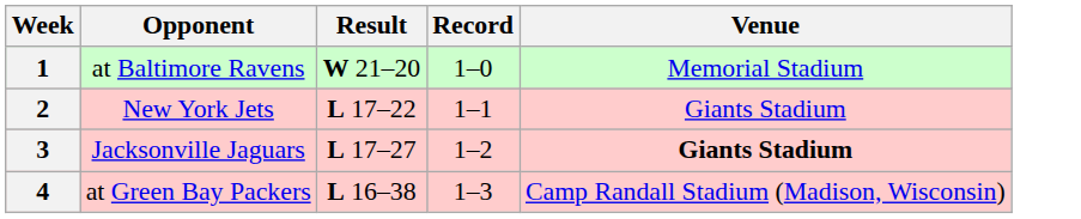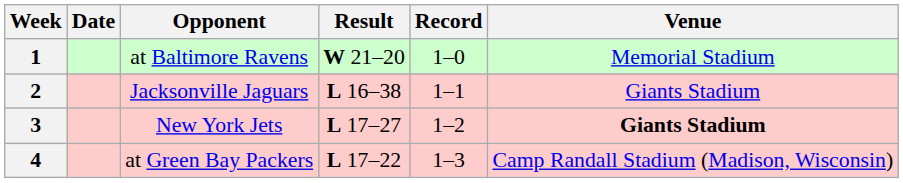 <table class="wikitable" style="text-align:center">
 <tr>
 <th>Week</th>
+<th>Date</th>
 <th>Opponent</th>
 <th>Result</th>
 <th>Record</th>
 <th>Venue</th>
 </tr>
 <tr style="background:#cfc">
 <th>1</th>
+<td></td>
 <td>at <a href='#'>Baltimore Ravens</a></td>
 <td><strong>W</strong> 21–20</td>
 <td>1–0</td>
 <td><a href='#'>Memorial Stadium</a></td>
 </tr>
 <tr style="background:#fcc">
 <th>2</th>
-<td><a href='#'>New York Jets</a></td>
-<td><strong>L</strong> 17–22</td>
+<td></td>
+<td><a href='#'>Jacksonville Jaguars</a></td>
+<td><strong>L</strong> 16–38</td>
 <td>1–1</td>
 <td><a href='#'>Giants Stadium</a></td>
 </tr>
 <tr style="background:#fcc">
 <th>3</th>
-<td><a href='#'>Jacksonville Jaguars</a></td>
+<td></td>
+<td><a href='#'>New York Jets</a></td>
 <td><strong>L</strong> 17–27</td>
 <td>1–2</td>
 <td><strong>Giants Stadium</strong></td>
 </tr>
 <tr style="background:#fcc">
 <th>4</th>
+<td></td>
 <td>at <a href='#'>Green Bay Packers</a></td>
-<td><strong>L</strong> 16–38</td>
+<td><strong>L</strong> 17–22</td>
 <td>1–3</td>
 <td><a href='#'>Camp Randall Stadium</a> (<a href='#'>Madison, Wisconsin</a>)</td>
 </tr>
 </table>
